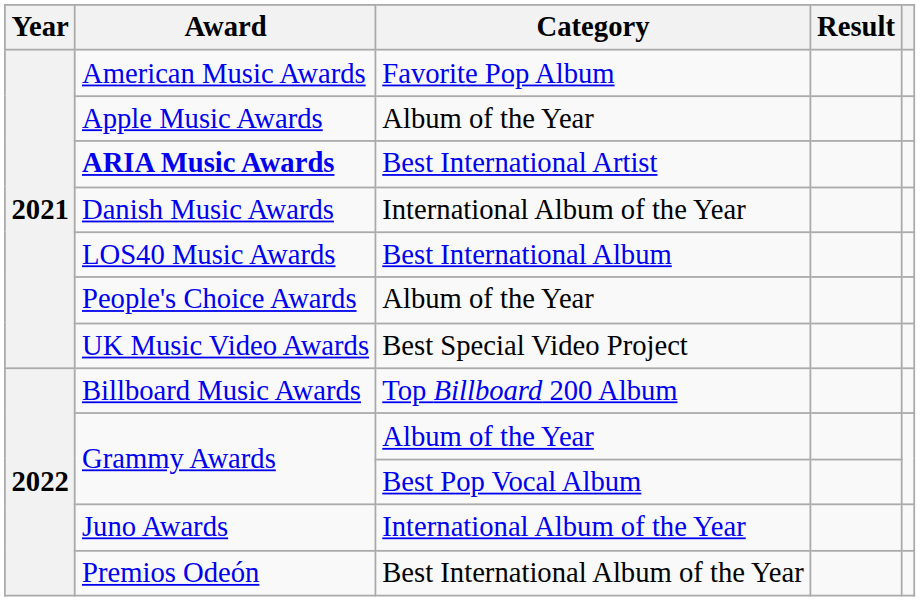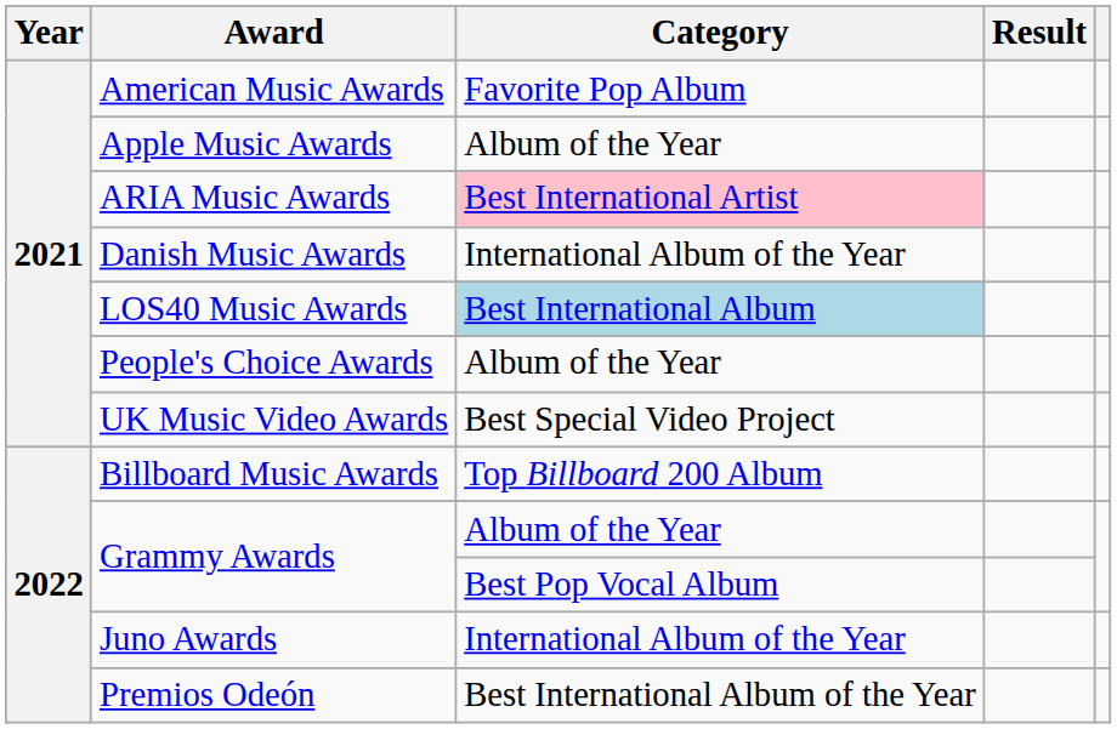 <table class="wikitable sortable plainrowheaders">
 <tr>
 <th scope="col">Year</th>
 <th scope="col">Award</th>
 <th scope="col">Category</th>
 <th scope="col">Result</th>
 <th></th>
 </tr>
 <tr>
 <th rowspan="7" scope="row">2021</th>
 <td><a href='#'>American Music Awards</a></td>
 <td><a href='#'>Favorite Pop Album</a></td>
 <td></td>
 <td style="text-align:center;"></td>
 </tr>
 <tr>
 <td><a href='#'>Apple Music Awards</a></td>
 <td>Album of the Year</td>
 <td></td>
 <td style="text-align:center;"></td>
 </tr>
 <tr>
-<td><strong><a href='#'>ARIA Music Awards</a></strong></td>
-<td><a href='#'>Best International Artist</a></td>
+<td><a href='#'>ARIA Music Awards</a></td>
+<td style="background: pink;"><a href='#'>Best International Artist</a></td>
 <td></td>
 <td style="text-align:center;"></td>
 </tr>
 <tr>
 <td><a href='#'>Danish Music Awards</a></td>
 <td>International Album of the Year</td>
 <td></td>
 <td style="text-align:center;"></td>
 </tr>
 <tr>
 <td><a href='#'>LOS40 Music Awards</a></td>
-<td><a href='#'>Best International Album</a></td>
+<td style="background: lightblue;"><a href='#'>Best International Album</a></td>
 <td></td>
 <td style="text-align:center;"></td>
 </tr>
 <tr>
 <td><a href='#'>People's Choice Awards</a></td>
 <td>Album of the Year</td>
 <td></td>
 <td style="text-align:center;"></td>
 </tr>
 <tr>
 <td><a href='#'>UK Music Video Awards</a></td>
 <td>Best Special Video Project</td>
 <td></td>
 <td style="text-align:center;"></td>
 </tr>
 <tr>
 <th rowspan="6" scope="row">2022</th>
 <td><a href='#'>Billboard Music Awards</a></td>
 <td><a href='#'>Top <em>Billboard</em> 200 Album</a></td>
 <td></td>
 <td style="text-align:center;"></td>
 </tr>
 <tr>
 <td rowspan="2" scope="row"><a href='#'>Grammy Awards</a></td>
 <td><a href='#'>Album of the Year</a></td>
 <td></td>
 <td style="text-align:center;" rowspan="2" scope="row"></td>
 </tr>
 <tr>
 <td><a href='#'>Best Pop Vocal Album</a></td>
 <td></td>
 </tr>
 <tr>
 <td><a href='#'>Juno Awards</a></td>
 <td><a href='#'>International Album of the Year</a></td>
 <td></td>
 <td style="text-align:center;"></td>
 </tr>
 <tr>
 <td><a href='#'>Premios Odeón</a></td>
 <td>Best International Album of the Year</td>
 <td></td>
 <td style="text-align:center;"></td>
 </tr>
 </table>
